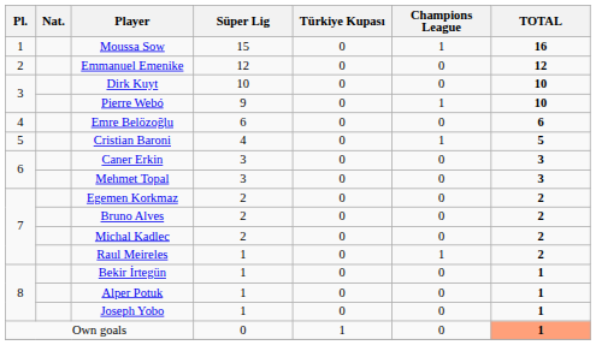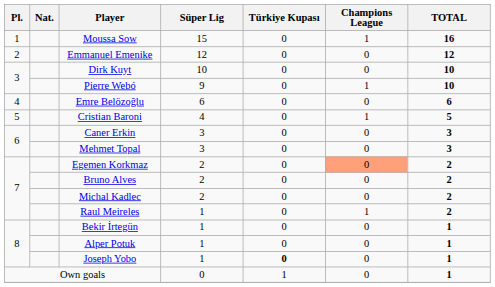 <table class="wikitable sortable alternance" style="font-size:85%; text-align:center; line-height:14px;" width=50%>
 <tr>
 <th width=20>Pl.</th>
 <th width=20>Nat.</th>
 <th width=100>Player</th>
 <th width=80>Süper Lig</th>
 <th width=80>Türkiye Kupası</th>
 <th width=80>Champions League</th>
 <th width=80>TOTAL</th>
 </tr>
 <tr>
 <td rowspan=1>1</td>
 <td></td>
 <td><a href='#'>Moussa Sow</a></td>
 <td>15</td>
 <td>0</td>
 <td>1</td>
 <td><strong>16</strong></td>
 </tr>
 <tr>
 <td rowspan=1>2</td>
 <td></td>
 <td><a href='#'>Emmanuel Emenike</a></td>
 <td>12</td>
 <td>0</td>
 <td>0</td>
 <td><strong>12</strong></td>
 </tr>
 <tr>
 <td rowspan=2>3</td>
 <td></td>
 <td><a href='#'>Dirk Kuyt</a></td>
 <td>10</td>
 <td>0</td>
 <td>0</td>
 <td><strong>10</strong></td>
 </tr>
 <tr>
 <td></td>
 <td><a href='#'>Pierre Webó</a></td>
 <td>9</td>
 <td>0</td>
 <td>1</td>
 <td><strong>10</strong></td>
 </tr>
 <tr>
 <td rowspan=1>4</td>
 <td></td>
 <td><a href='#'>Emre Belözoğlu</a></td>
 <td>6</td>
 <td>0</td>
 <td>0</td>
 <td><strong>6</strong></td>
 </tr>
 <tr>
 <td rowspan=1>5</td>
 <td></td>
 <td><a href='#'>Cristian Baroni</a></td>
 <td>4</td>
 <td>0</td>
 <td>1</td>
 <td><strong>5</strong></td>
 </tr>
 <tr>
 <td rowspan=2>6</td>
 <td></td>
 <td><a href='#'>Caner Erkin</a></td>
 <td>3</td>
 <td>0</td>
 <td>0</td>
 <td><strong>3</strong></td>
 </tr>
 <tr>
 <td></td>
 <td><a href='#'>Mehmet Topal</a></td>
 <td>3</td>
 <td>0</td>
 <td>0</td>
 <td><strong>3</strong></td>
 </tr>
 <tr>
 <td rowspan=4>7</td>
 <td></td>
 <td><a href='#'>Egemen Korkmaz</a></td>
 <td>2</td>
 <td>0</td>
-<td>0</td>
+<td style="background: lightsalmon;">0</td>
 <td><strong>2</strong></td>
 </tr>
 <tr>
 <td></td>
 <td><a href='#'>Bruno Alves</a></td>
 <td>2</td>
 <td>0</td>
 <td>0</td>
 <td><strong>2</strong></td>
 </tr>
 <tr>
 <td></td>
 <td><a href='#'>Michal Kadlec</a></td>
 <td>2</td>
 <td>0</td>
 <td>0</td>
 <td><strong>2</strong></td>
 </tr>
 <tr>
 <td></td>
 <td><a href='#'>Raul Meireles</a></td>
 <td>1</td>
 <td>0</td>
 <td>1</td>
 <td><strong>2</strong></td>
 </tr>
 <tr>
 <td rowspan=3>8</td>
 <td></td>
 <td><a href='#'>Bekir İrtegün</a></td>
 <td>1</td>
 <td>0</td>
 <td>0</td>
 <td><strong>1</strong></td>
 </tr>
 <tr>
 <td></td>
 <td><a href='#'>Alper Potuk</a></td>
 <td>1</td>
 <td>0</td>
 <td>0</td>
 <td><strong>1</strong></td>
 </tr>
 <tr>
 <td></td>
 <td><a href='#'>Joseph Yobo</a></td>
 <td>1</td>
-<td>0</td>
+<td><strong>0</strong></td>
 <td>0</td>
 <td><strong>1</strong></td>
 </tr>
 <tr>
 <td colspan="3">Own goals</td>
 <td>0</td>
 <td>1</td>
 <td>0</td>
-<td style="background: lightsalmon;"><strong>1</strong></td>
+<td><strong>1</strong></td>
 </tr>
 <tr>
 </tr>
 </table>
